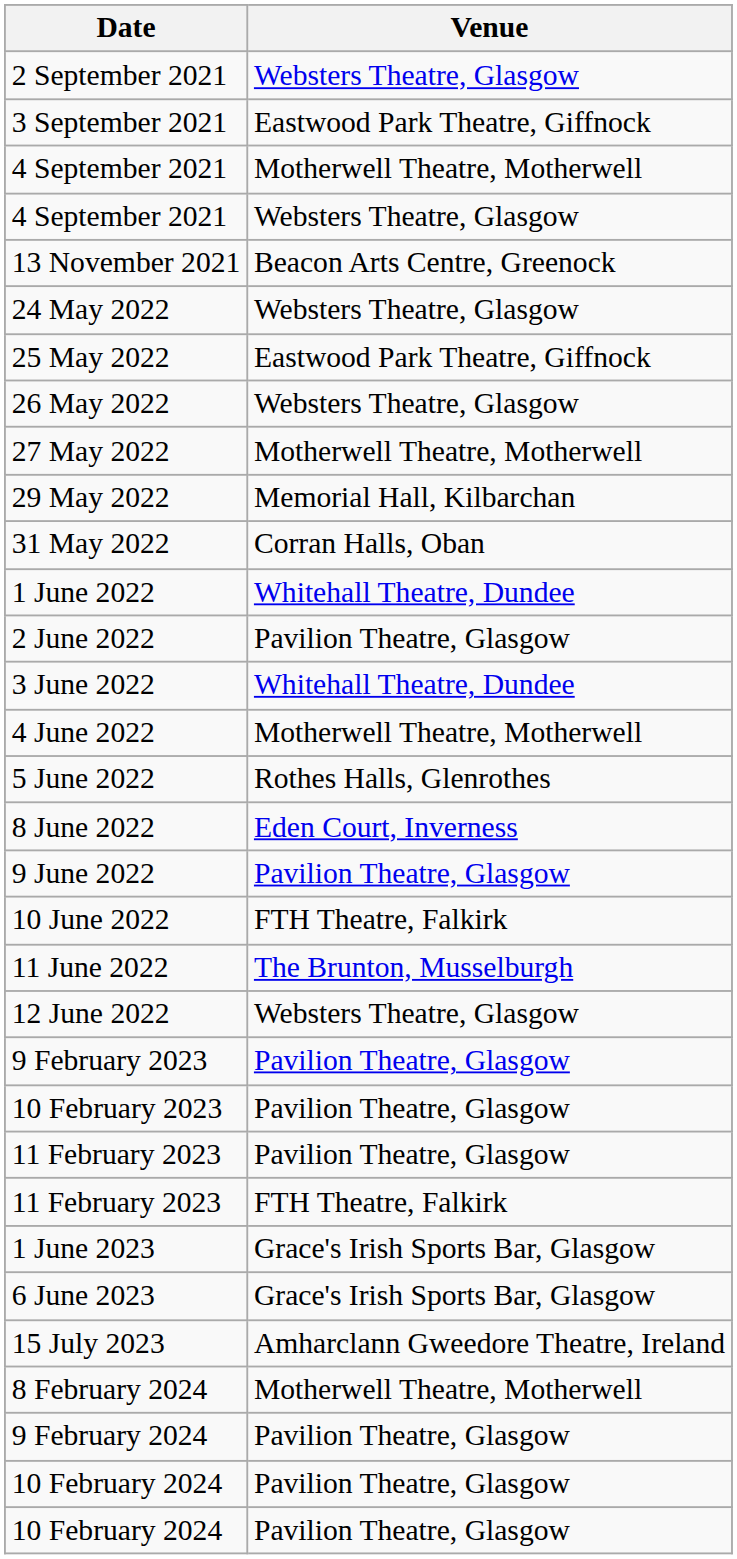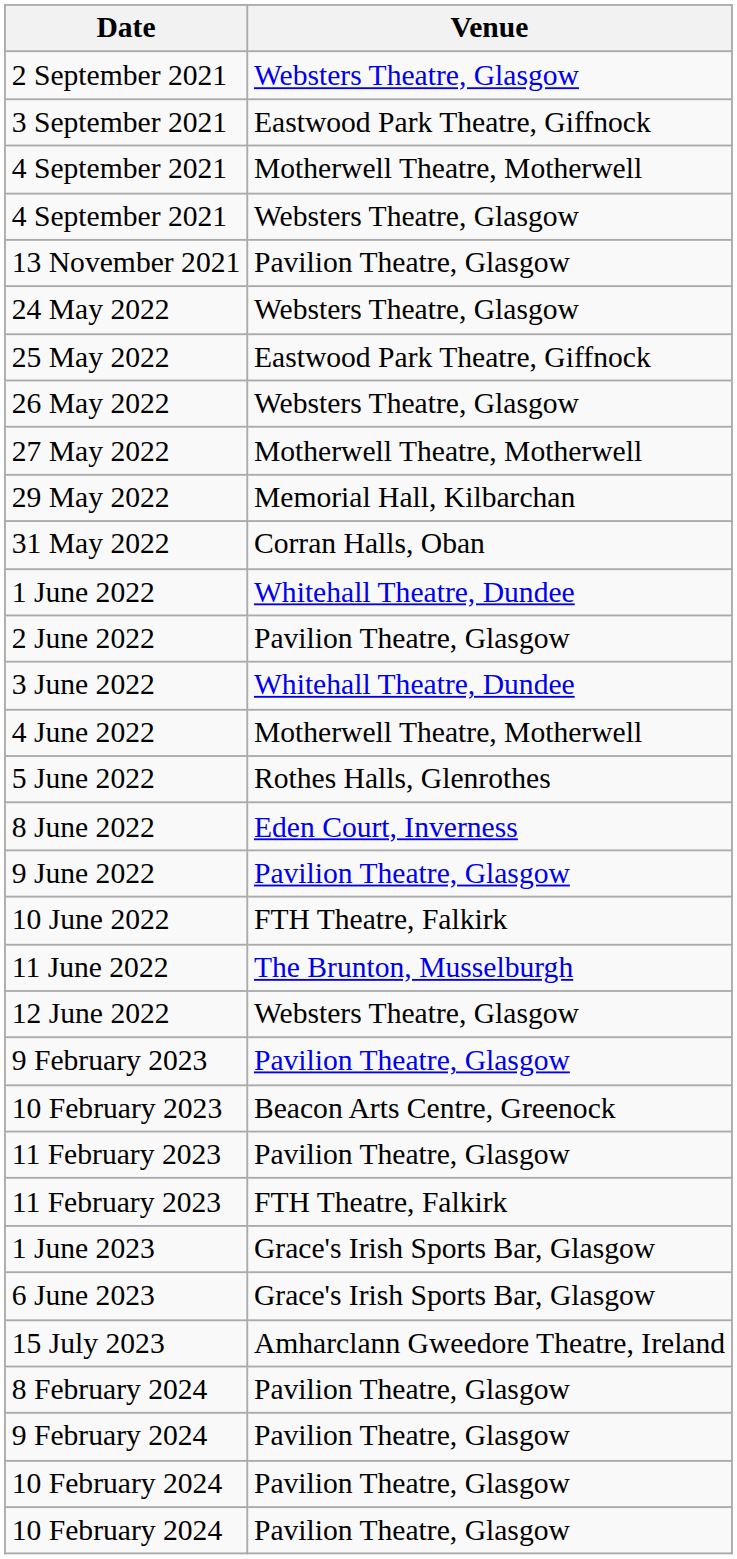 <table class="wikitable">
 <tr>
 <th>Date</th>
 <th>Venue</th>
 </tr>
 <tr>
 <td>2 September 2021</td>
 <td><a href='#'>Websters Theatre, Glasgow</a></td>
 </tr>
 <tr>
 <td>3 September 2021</td>
 <td>Eastwood Park Theatre, Giffnock</td>
 </tr>
 <tr>
 <td>4 September 2021</td>
 <td>Motherwell Theatre, Motherwell</td>
 </tr>
 <tr>
 <td>4 September 2021</td>
 <td>Websters Theatre, Glasgow</td>
 </tr>
 <tr>
 <td>13 November 2021</td>
-<td>Beacon Arts Centre, Greenock</td>
+<td>Pavilion Theatre, Glasgow</td>
 </tr>
 <tr>
 <td>24 May 2022</td>
 <td>Websters Theatre, Glasgow</td>
 </tr>
 <tr>
 <td>25 May 2022</td>
 <td>Eastwood Park Theatre, Giffnock</td>
 </tr>
 <tr>
 <td>26 May 2022</td>
 <td>Websters Theatre, Glasgow</td>
 </tr>
 <tr>
 <td>27 May 2022</td>
 <td>Motherwell Theatre, Motherwell</td>
 </tr>
 <tr>
 <td>29 May 2022</td>
 <td>Memorial Hall, Kilbarchan</td>
 </tr>
 <tr>
 <td>31 May 2022</td>
 <td>Corran Halls, Oban</td>
 </tr>
 <tr>
 <td>1 June 2022</td>
 <td><a href='#'>Whitehall Theatre, Dundee</a></td>
 </tr>
 <tr>
 <td>2 June 2022</td>
 <td>Pavilion Theatre, Glasgow</td>
 </tr>
 <tr>
 <td>3 June 2022</td>
 <td><a href='#'>Whitehall Theatre, Dundee</a></td>
 </tr>
 <tr>
 <td>4 June 2022</td>
 <td>Motherwell Theatre, Motherwell</td>
 </tr>
 <tr>
 <td>5 June 2022</td>
 <td>Rothes Halls, Glenrothes</td>
 </tr>
 <tr>
 <td>8 June 2022</td>
 <td><a href='#'>Eden Court, Inverness</a></td>
 </tr>
 <tr>
 <td>9 June 2022</td>
 <td><a href='#'>Pavilion Theatre, Glasgow</a></td>
 </tr>
 <tr>
 <td>10 June 2022</td>
 <td>FTH Theatre, Falkirk</td>
 </tr>
 <tr>
 <td>11 June 2022</td>
 <td><a href='#'>The Brunton, Musselburgh</a></td>
 </tr>
 <tr>
 <td>12 June 2022</td>
 <td>Websters Theatre, Glasgow</td>
 </tr>
 <tr>
 <td>9 February 2023</td>
 <td><a href='#'>Pavilion Theatre, Glasgow</a></td>
 </tr>
 <tr>
 <td>10 February 2023</td>
-<td>Pavilion Theatre, Glasgow</td>
+<td>Beacon Arts Centre, Greenock</td>
 </tr>
 <tr>
 <td>11 February 2023</td>
 <td>Pavilion Theatre, Glasgow</td>
 </tr>
 <tr>
 <td>11 February 2023</td>
 <td>FTH Theatre, Falkirk</td>
 </tr>
 <tr>
 <td>1 June 2023</td>
 <td>Grace's Irish Sports Bar, Glasgow</td>
 </tr>
 <tr>
 <td>6 June 2023</td>
 <td>Grace's Irish Sports Bar, Glasgow</td>
 </tr>
 <tr>
 <td>15 July 2023</td>
 <td>Amharclann Gweedore Theatre, Ireland</td>
 </tr>
 <tr>
 <td>8 February 2024</td>
-<td>Motherwell Theatre, Motherwell</td>
+<td>Pavilion Theatre, Glasgow</td>
 </tr>
 <tr>
 <td>9 February 2024</td>
 <td>Pavilion Theatre, Glasgow</td>
 </tr>
 <tr>
 <td>10 February 2024</td>
 <td>Pavilion Theatre, Glasgow</td>
 </tr>
 <tr>
 <td>10 February 2024</td>
 <td>Pavilion Theatre, Glasgow</td>
 </tr>
 </table>
